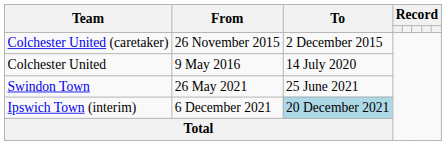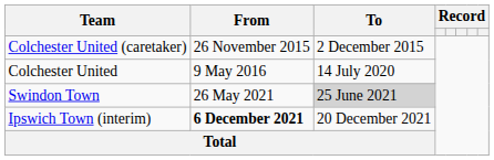 <table class=wikitable style="text-align: center">
 <tr>
 <th rowspan="2">Team</th>
 <th rowspan="2">From</th>
 <th rowspan="2">To</th>
 <th colspan=5>Record</th>
 </tr>
 <tr>
 <th></th>
 <th></th>
 <th></th>
 <th></th>
 <th></th>
 </tr>
 <tr>
 <td align=left><a href='#'>Colchester United</a> (caretaker)</td>
 <td align=left>26 November 2015</td>
 <td align=left>2 December 2015<br></td>
 </tr>
 <tr>
 <td align=left>Colchester United</td>
 <td align=left>9 May 2016</td>
 <td align=left>14 July 2020<br></td>
 </tr>
 <tr>
 <td align=left><a href='#'>Swindon Town</a></td>
 <td align=left>26 May 2021</td>
-<td align=left>25 June 2021<br></td>
+<td align=left style="background: lightgrey;">25 June 2021<br></td>
 </tr>
 <tr>
 <td align=left><a href='#'>Ipswich Town</a> (interim)</td>
-<td align=left>6 December 2021</td>
-<td align=left style="background: lightblue;">20 December 2021<br></td>
+<td align=left><strong>6 December 2021</strong></td>
+<td align=left>20 December 2021<br></td>
 </tr>
 <tr>
 <th colspan="3">Total<br></th>
 </tr>
 </table>
